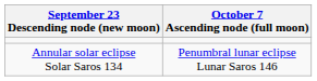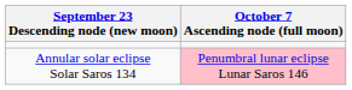 <table class="wikitable">
 <tr>
 <th><a href='#'>September 23</a><br>Descending node (new moon)<br></th>
 <th><a href='#'>October 7</a><br>Ascending node (full moon)<br></th>
 </tr>
 <tr>
 <td></td>
 <td></td>
 </tr>
 <tr align=center>
 <td><a href='#'>Annular solar eclipse</a><br>Solar Saros 134</td>
-<td><a href='#'>Penumbral lunar eclipse</a><br>Lunar Saros 146</td>
+<td style="background: pink;"><a href='#'>Penumbral lunar eclipse</a><br>Lunar Saros 146</td>
 </tr>
 </table>
